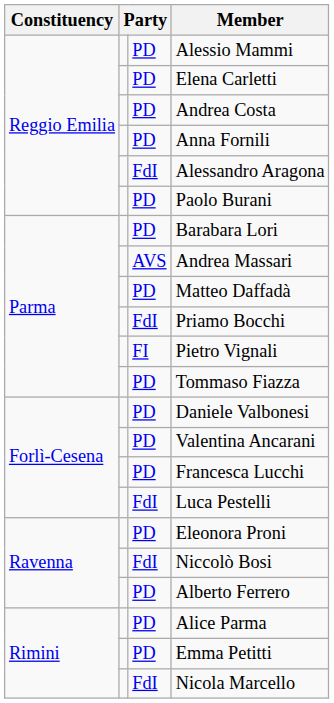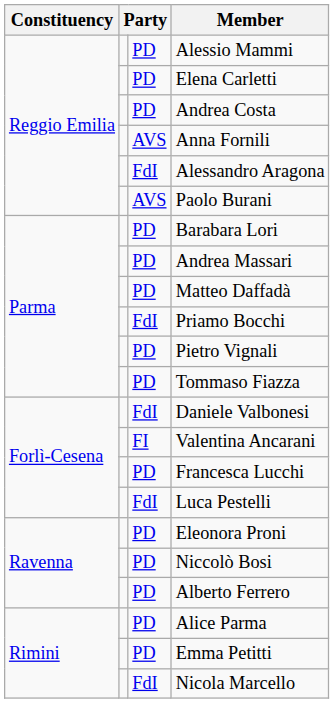 <table class="wikitable" style="font-size:90%">
 <tr>
 <th>Constituency</th>
 <th colspan=2>Party</th>
 <th>Member</th>
 </tr>
 <tr>
 <td rowspan="6"><a href='#'>Reggio Emilia</a></td>
 <td style="background:"></td>
 <td><a href='#'>PD</a></td>
 <td>Alessio Mammi</td>
 </tr>
 <tr>
 <td style="background:"></td>
 <td><a href='#'>PD</a></td>
 <td>Elena Carletti</td>
 </tr>
 <tr>
 <td style="background:"></td>
 <td><a href='#'>PD</a></td>
 <td>Andrea Costa</td>
 </tr>
 <tr>
 <td style="background:"></td>
-<td><a href='#'>PD</a></td>
+<td><a href='#'>AVS</a></td>
 <td>Anna Fornili</td>
 </tr>
 <tr>
 <td style="background:"></td>
 <td><a href='#'>FdI</a></td>
 <td>Alessandro Aragona</td>
 </tr>
 <tr>
 <td style="background:"></td>
-<td><a href='#'>PD</a></td>
+<td><a href='#'>AVS</a></td>
 <td>Paolo Burani</td>
 </tr>
 <tr>
 <td rowspan="6"><a href='#'>Parma</a></td>
 <td style="background:"></td>
 <td><a href='#'>PD</a></td>
 <td>Barabara Lori</td>
 </tr>
 <tr>
 <td style="background:"></td>
-<td><a href='#'>AVS</a></td>
+<td><a href='#'>PD</a></td>
 <td>Andrea Massari</td>
 </tr>
 <tr>
 <td style="background:"></td>
 <td><a href='#'>PD</a></td>
 <td>Matteo Daffadà</td>
 </tr>
 <tr>
 <td style="background:"></td>
 <td><a href='#'>FdI</a></td>
 <td>Priamo Bocchi</td>
 </tr>
 <tr>
 <td style="background:"></td>
-<td><a href='#'>FI</a></td>
+<td><a href='#'>PD</a></td>
 <td>Pietro Vignali</td>
 </tr>
 <tr>
 <td style="background:"></td>
 <td><a href='#'>PD</a></td>
 <td>Tommaso Fiazza</td>
 </tr>
 <tr>
 <td rowspan="4"><a href='#'>Forlì-Cesena</a></td>
 <td style="background:"></td>
-<td><a href='#'>PD</a></td>
+<td><a href='#'>FdI</a></td>
 <td>Daniele Valbonesi</td>
 </tr>
 <tr>
 <td style="background:"></td>
-<td><a href='#'>PD</a></td>
+<td><a href='#'>FI</a></td>
 <td>Valentina Ancarani</td>
 </tr>
 <tr>
 <td style="background:"></td>
 <td><a href='#'>PD</a></td>
 <td>Francesca Lucchi</td>
 </tr>
 <tr>
 <td style="background:"></td>
 <td><a href='#'>FdI</a></td>
 <td>Luca Pestelli</td>
 </tr>
 <tr>
 <td rowspan="3"><a href='#'>Ravenna</a></td>
 <td style="background:"></td>
 <td><a href='#'>PD</a></td>
 <td>Eleonora Proni</td>
 </tr>
 <tr>
 <td style="background:"></td>
-<td><a href='#'>FdI</a></td>
+<td><a href='#'>PD</a></td>
 <td>Niccolò Bosi</td>
 </tr>
 <tr>
 <td style="background:"></td>
 <td><a href='#'>PD</a></td>
 <td>Alberto Ferrero</td>
 </tr>
 <tr>
 <td rowspan="3"><a href='#'>Rimini</a></td>
 <td style="background:"></td>
 <td><a href='#'>PD</a></td>
 <td>Alice Parma</td>
 </tr>
 <tr>
 <td style="background:"></td>
 <td><a href='#'>PD</a></td>
 <td>Emma Petitti</td>
 </tr>
 <tr>
 <td style="background:"></td>
 <td><a href='#'>FdI</a></td>
 <td>Nicola Marcello</td>
 </tr>
 </table>
